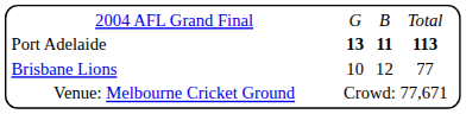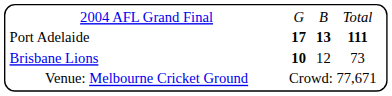 <table style="margin-right:4px; margin-top:8px; float:right; border:1px #000 solid; border-radius:8px; background:#fff; font-family:Verdana; font-size:8pt; text-align:center;">
 <tr>
 <td width=200><a href='#'>2004 AFL Grand Final</a></td>
 <td><em>G</em></td>
 <td><em>B</em></td>
 <td><em>Total</em></td>
 </tr>
 <tr>
 <td style="text-align:left">Port Adelaide</td>
+<td><strong>17</strong></td>
 <td><strong>13</strong></td>
-<td><strong>11</strong></td>
-<td><strong>113</strong></td>
+<td><strong>111</strong></td>
 </tr>
 <tr>
 <td style="text-align:left"><a href='#'>Brisbane Lions</a></td>
-<td>10</td>
+<td><strong>10</strong></td>
 <td>12</td>
-<td>77</td>
+<td>73</td>
 </tr>
 <tr>
 <td>Venue: <a href='#'>Melbourne Cricket Ground</a></td>
 <td colspan=3>Crowd: 77,671</td>
 <td colspan=3></td>
 </tr>
 </table>
